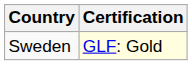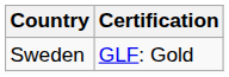 <table class="wikitable">
 <tr>
 <th>Country</th>
 <th>Certification</th>
 </tr>
 <tr>
 <td>Sweden</td>
-<td style="background: lightyellow;"><a href='#'>GLF</a>: Gold</td>
+<td><a href='#'>GLF</a>: Gold</td>
 </tr>
 </table>
